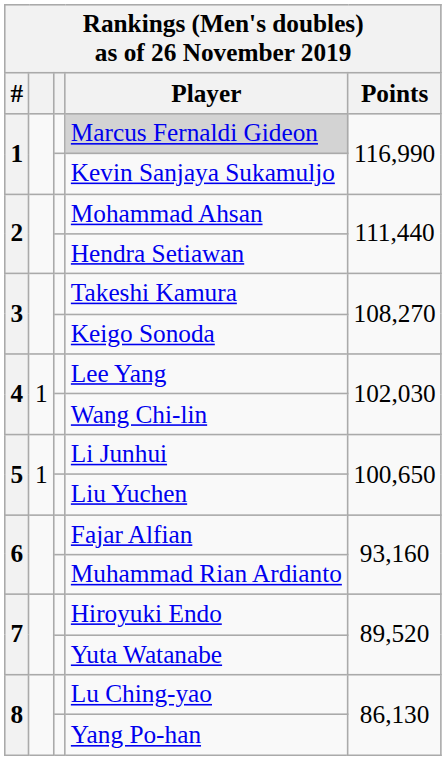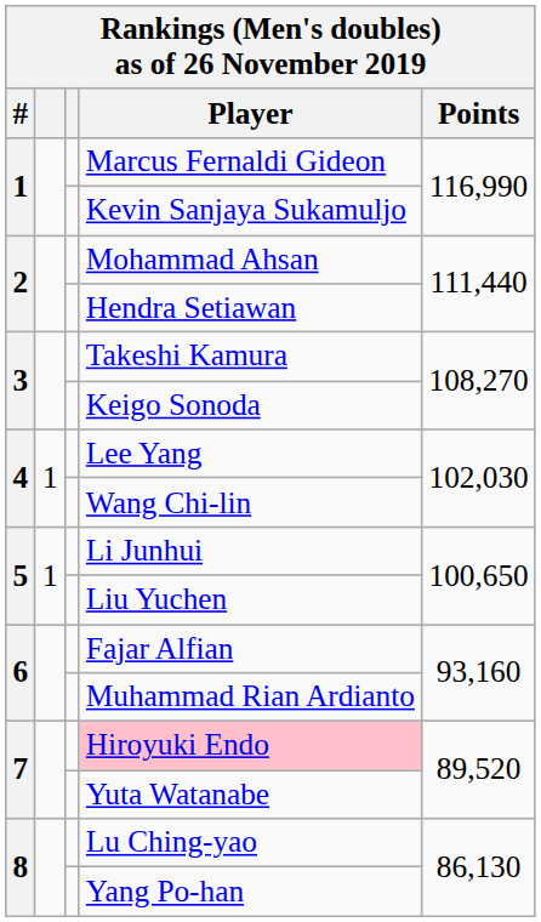 <table class="sortable wikitable">
 <tr>
 <th colspan="6">Rankings (Men's doubles)<br>as of 26 November 2019</th>
 </tr>
 <tr>
 <th>#</th>
 <th></th>
 <th></th>
 <th>Player</th>
 <th>Points</th>
 </tr>
 <tr>
 <th rowspan="2">1</th>
 <td align="center" rowspan="2"></td>
 <td></td>
-<td style="background: lightgrey;"><a href='#'>Marcus Fernaldi Gideon</a></td>
+<td><a href='#'>Marcus Fernaldi Gideon</a></td>
 <td align="center" rowspan="2">116,990</td>
 </tr>
 <tr>
 <td></td>
 <td><a href='#'>Kevin Sanjaya Sukamuljo</a></td>
 </tr>
 <tr>
 <th rowspan="2">2</th>
 <td align="center" rowspan="2"></td>
 <td></td>
 <td><a href='#'>Mohammad Ahsan</a></td>
 <td align="center" rowspan="2">111,440</td>
 </tr>
 <tr>
 <td></td>
 <td><a href='#'>Hendra Setiawan</a></td>
 </tr>
 <tr>
 <th rowspan="2">3</th>
 <td align="center" rowspan="2"></td>
 <td></td>
 <td><a href='#'>Takeshi Kamura</a></td>
 <td align="center" rowspan="2">108,270</td>
 </tr>
 <tr>
 <td></td>
 <td><a href='#'>Keigo Sonoda</a></td>
 </tr>
 <tr>
 <th rowspan="2">4</th>
 <td align="center" rowspan="2"> 1</td>
 <td></td>
 <td><a href='#'>Lee Yang</a></td>
 <td align="center" rowspan="2">102,030</td>
 </tr>
 <tr>
 <td></td>
 <td><a href='#'>Wang Chi-lin</a></td>
 </tr>
 <tr>
 <th rowspan="2">5</th>
 <td align="center" rowspan="2"> 1</td>
 <td></td>
 <td><a href='#'>Li Junhui</a></td>
 <td align="center" rowspan="2">100,650</td>
 </tr>
 <tr>
 <td></td>
 <td><a href='#'>Liu Yuchen</a></td>
 </tr>
 <tr>
 <th rowspan="2">6</th>
 <td align="center" rowspan="2"></td>
 <td></td>
 <td><a href='#'>Fajar Alfian</a></td>
 <td align="center" rowspan="2">93,160</td>
 </tr>
 <tr>
 <td></td>
 <td><a href='#'>Muhammad Rian Ardianto</a></td>
 </tr>
 <tr>
 <th rowspan="2">7</th>
 <td align="center" rowspan="2"></td>
 <td></td>
-<td><a href='#'>Hiroyuki Endo</a></td>
+<td style="background: pink;"><a href='#'>Hiroyuki Endo</a></td>
 <td align="center" rowspan="2">89,520</td>
 </tr>
 <tr>
 <td></td>
 <td><a href='#'>Yuta Watanabe</a></td>
 </tr>
 <tr>
 <th rowspan="2">8</th>
 <td align="center" rowspan="2"></td>
 <td></td>
 <td><a href='#'>Lu Ching-yao</a></td>
 <td align="center" rowspan="2">86,130</td>
 </tr>
 <tr>
 <td></td>
 <td><a href='#'>Yang Po-han</a></td>
 </tr>
 </table>
